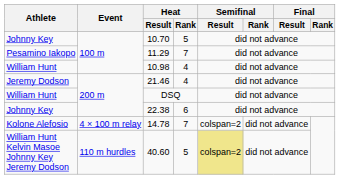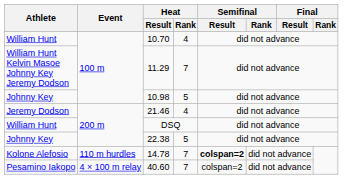 <table class="wikitable" style="font-size:90%; text-align:center">
 <tr>
 <th rowspan=2>Athlete</th>
 <th rowspan=2>Event</th>
 <th colspan=2>Heat</th>
 <th colspan=2>Semifinal</th>
 <th colspan=2>Final</th>
 </tr>
 <tr style="font-size:95%">
 <th>Result</th>
 <th>Rank</th>
 <th>Result</th>
 <th>Rank</th>
 <th>Result</th>
 <th>Rank</th>
 </tr>
 <tr>
-<td align=left><a href='#'>Johnny Key</a></td>
+<td align=left><a href='#'>William Hunt</a></td>
 <td align=left rowspan=3><a href='#'>100 m</a></td>
 <td>10.70</td>
-<td>5</td>
+<td>4</td>
 <td colspan="4">did not advance</td>
 </tr>
 <tr>
-<td align=left><a href='#'>Pesamino Iakopo</a></td>
+<td align=left><a href='#'>William Hunt</a><br><a href='#'>Kelvin Masoe</a><br><a href='#'>Johnny Key</a><br><a href='#'>Jeremy Dodson</a></td>
 <td>11.29</td>
 <td>7</td>
 <td colspan="4">did not advance</td>
 </tr>
 <tr>
-<td align=left><a href='#'>William Hunt</a></td>
+<td align=left><a href='#'>Johnny Key</a></td>
 <td>10.98</td>
-<td>4</td>
+<td>5</td>
 <td colspan="4">did not advance</td>
 </tr>
 <tr>
 <td align=left><a href='#'>Jeremy Dodson</a></td>
 <td align=left rowspan=3><a href='#'>200 m</a></td>
 <td>21.46</td>
 <td>4</td>
 <td colspan=4>did not advance</td>
 </tr>
 <tr>
 <td align=left><a href='#'>William Hunt</a></td>
 <td colspan=2>DSQ</td>
 <td colspan=4>did not advance</td>
 </tr>
 <tr>
 <td align=left><a href='#'>Johnny Key</a></td>
 <td>22.38</td>
-<td>6</td>
+<td>5</td>
 <td colspan=4>did not advance</td>
 </tr>
 <tr>
 <td align=left><a href='#'>Kolone Alefosio</a></td>
+<td align=left rowspan=1><a href='#'>110 m hurdles</a></td>
+<td>14.78</td>
+<td>7</td>
+<td><strong>colspan=2 </strong></td>
+<td colspan=2>did not advance</td>
+</tr>
+<tr>
+<td align=left><a href='#'>Pesamino Iakopo</a></td>
 <td align=left><a href='#'>4 × 100 m relay</a></td>
-<td>14.78</td>
+<td>40.60</td>
 <td>7</td>
 <td>colspan=2 </td>
 <td colspan=2>did not advance</td>
 </tr>
-<tr>
-<td align=left><a href='#'>William Hunt</a><br><a href='#'>Kelvin Masoe</a><br><a href='#'>Johnny Key</a><br><a href='#'>Jeremy Dodson</a></td>
-<td align=left rowspan=1><a href='#'>110 m hurdles</a></td>
-<td>40.60</td>
-<td>5</td>
-<td style="background: khaki;">colspan=2 </td>
-<td colspan=2>did not advance</td>
-</tr>
 </table>
